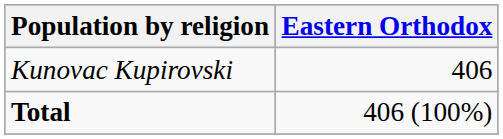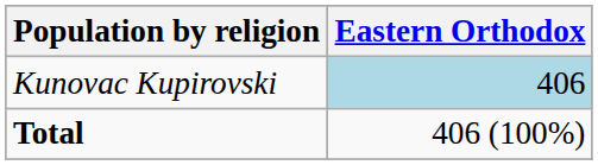 <table class="wikitable sortable">
 <tr>
 <th>Population by religion</th>
 <th><a href='#'>Eastern Orthodox</a></th>
 </tr>
 <tr>
 <td><em>Kunovac Kupirovski</em></td>
-<td align="right">406</td>
+<td align="right" style="background: lightblue;">406</td>
 </tr>
 <tr>
 <td><strong>Total</strong></td>
 <td align="right">406 (100%)</td>
 </tr>
 </table>
